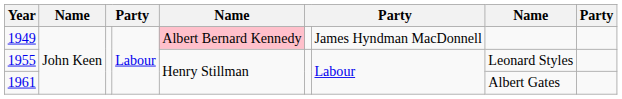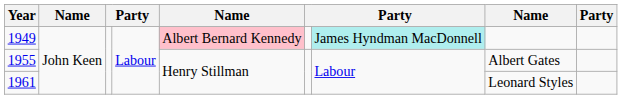 <table class="wikitable">
 <tr>
 <th>Year</th>
 <th>Name</th>
 <th colspan=2>Party</th>
 <th>Name</th>
 <th colspan=2>Party</th>
 <th>Name</th>
 <th colspan=2>Party</th>
 </tr>
 <tr>
 <td><a href='#'>1949</a></td>
 <td rowspan=3>John Keen</td>
 <td rowspan=3 style="background-color: "></td>
 <td rowspan=3><a href='#'>Labour</a></td>
 <td style="background: pink;">Albert Bernard Kennedy</td>
 <td></td>
-<td>James Hyndman MacDonnell</td>
+<td style="background: paleturquoise;">James Hyndman MacDonnell</td>
 <td></td>
 </tr>
 <tr>
 <td><a href='#'>1955</a></td>
 <td rowspan=2>Henry Stillman</td>
 <td rowspan=2 style="background-color: "></td>
 <td rowspan=2><a href='#'>Labour</a></td>
-<td>Leonard Styles</td>
+<td>Albert Gates</td>
 <td></td>
 </tr>
 <tr>
 <td><a href='#'>1961</a></td>
-<td>Albert Gates</td>
+<td>Leonard Styles</td>
 <td></td>
 </tr>
 </table>
